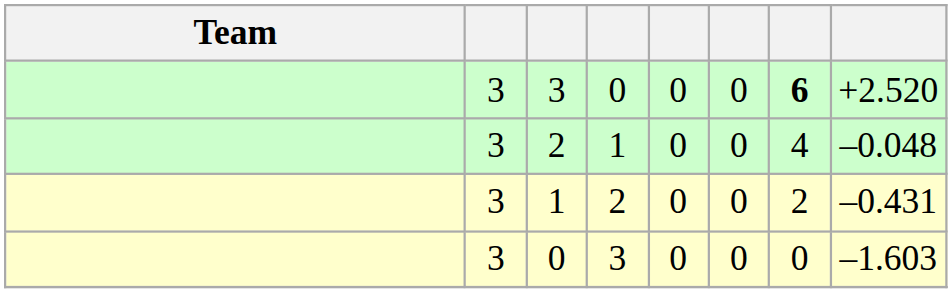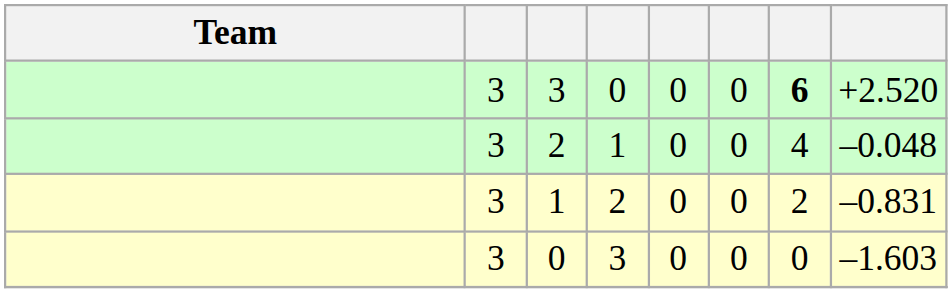 <table class="wikitable" style="text-align:center">
 <tr>
 <th width=200>Team</th>
 <th width=20></th>
 <th width=20></th>
 <th width=20></th>
 <th width=20></th>
 <th width=20></th>
 <th width=20></th>
 <th width=45></th>
 </tr>
 <tr style="background:#cfc;">
 <td align="left"></td>
 <td>3</td>
 <td>3</td>
 <td>0</td>
 <td>0</td>
 <td>0</td>
 <td><strong>6</strong></td>
 <td>+2.520</td>
 </tr>
 <tr style="background:#cfc;">
 <td align="left"></td>
 <td>3</td>
 <td>2</td>
 <td>1</td>
 <td>0</td>
 <td>0</td>
 <td>4</td>
 <td>–0.048</td>
 </tr>
 <tr style="background:#ffc;">
 <td align="left"></td>
 <td>3</td>
 <td>1</td>
 <td>2</td>
 <td>0</td>
 <td>0</td>
 <td>2</td>
-<td>–0.431</td>
+<td>–0.831</td>
 </tr>
 <tr style="background:#ffc;">
 <td align="left"></td>
 <td>3</td>
 <td>0</td>
 <td>3</td>
 <td>0</td>
 <td>0</td>
 <td>0</td>
 <td>–1.603</td>
 </tr>
 <tr>
 </tr>
 </table>
